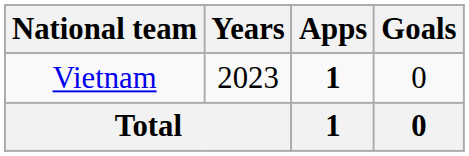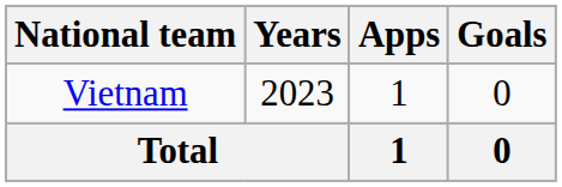 <table class=wikitable style="text-align: center;">
 <tr>
 <th>National team</th>
 <th>Years</th>
 <th>Apps</th>
 <th>Goals</th>
 </tr>
 <tr>
 <td><a href='#'>Vietnam</a></td>
 <td>2023</td>
-<td><strong>1</strong></td>
+<td>1</td>
 <td>0</td>
 </tr>
 <tr>
 <th colspan=2>Total</th>
 <th>1</th>
 <th>0</th>
 </tr>
 </table>
